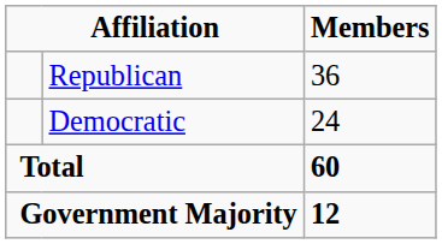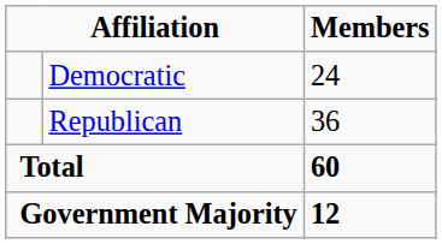 <table class="wikitable">
 <tr>
 <td colspan="2" rowspan="1" align="center" valign="top"><strong>Affiliation</strong></td>
 <td style="vertical-align:top;"><strong>Members</strong></td>
 </tr>
 <tr>
 <td style="background-color:"> </td>
-<td><a href='#'>Republican</a></td>
-<td>36</td>
+<td><a href='#'>Democratic</a></td>
+<td>24</td>
 </tr>
 <tr>
 <td style="background-color:"> </td>
-<td><a href='#'>Democratic</a></td>
-<td>24</td>
+<td><a href='#'>Republican</a></td>
+<td>36</td>
 </tr>
 <tr>
 <td colspan="2" rowspan="1"> <strong>Total</strong></td>
 <td><strong>60</strong></td>
 </tr>
 <tr>
 <td colspan="2" rowspan="1"> <strong>Government Majority</strong></td>
 <td><strong>12</strong></td>
 </tr>
 </table>
